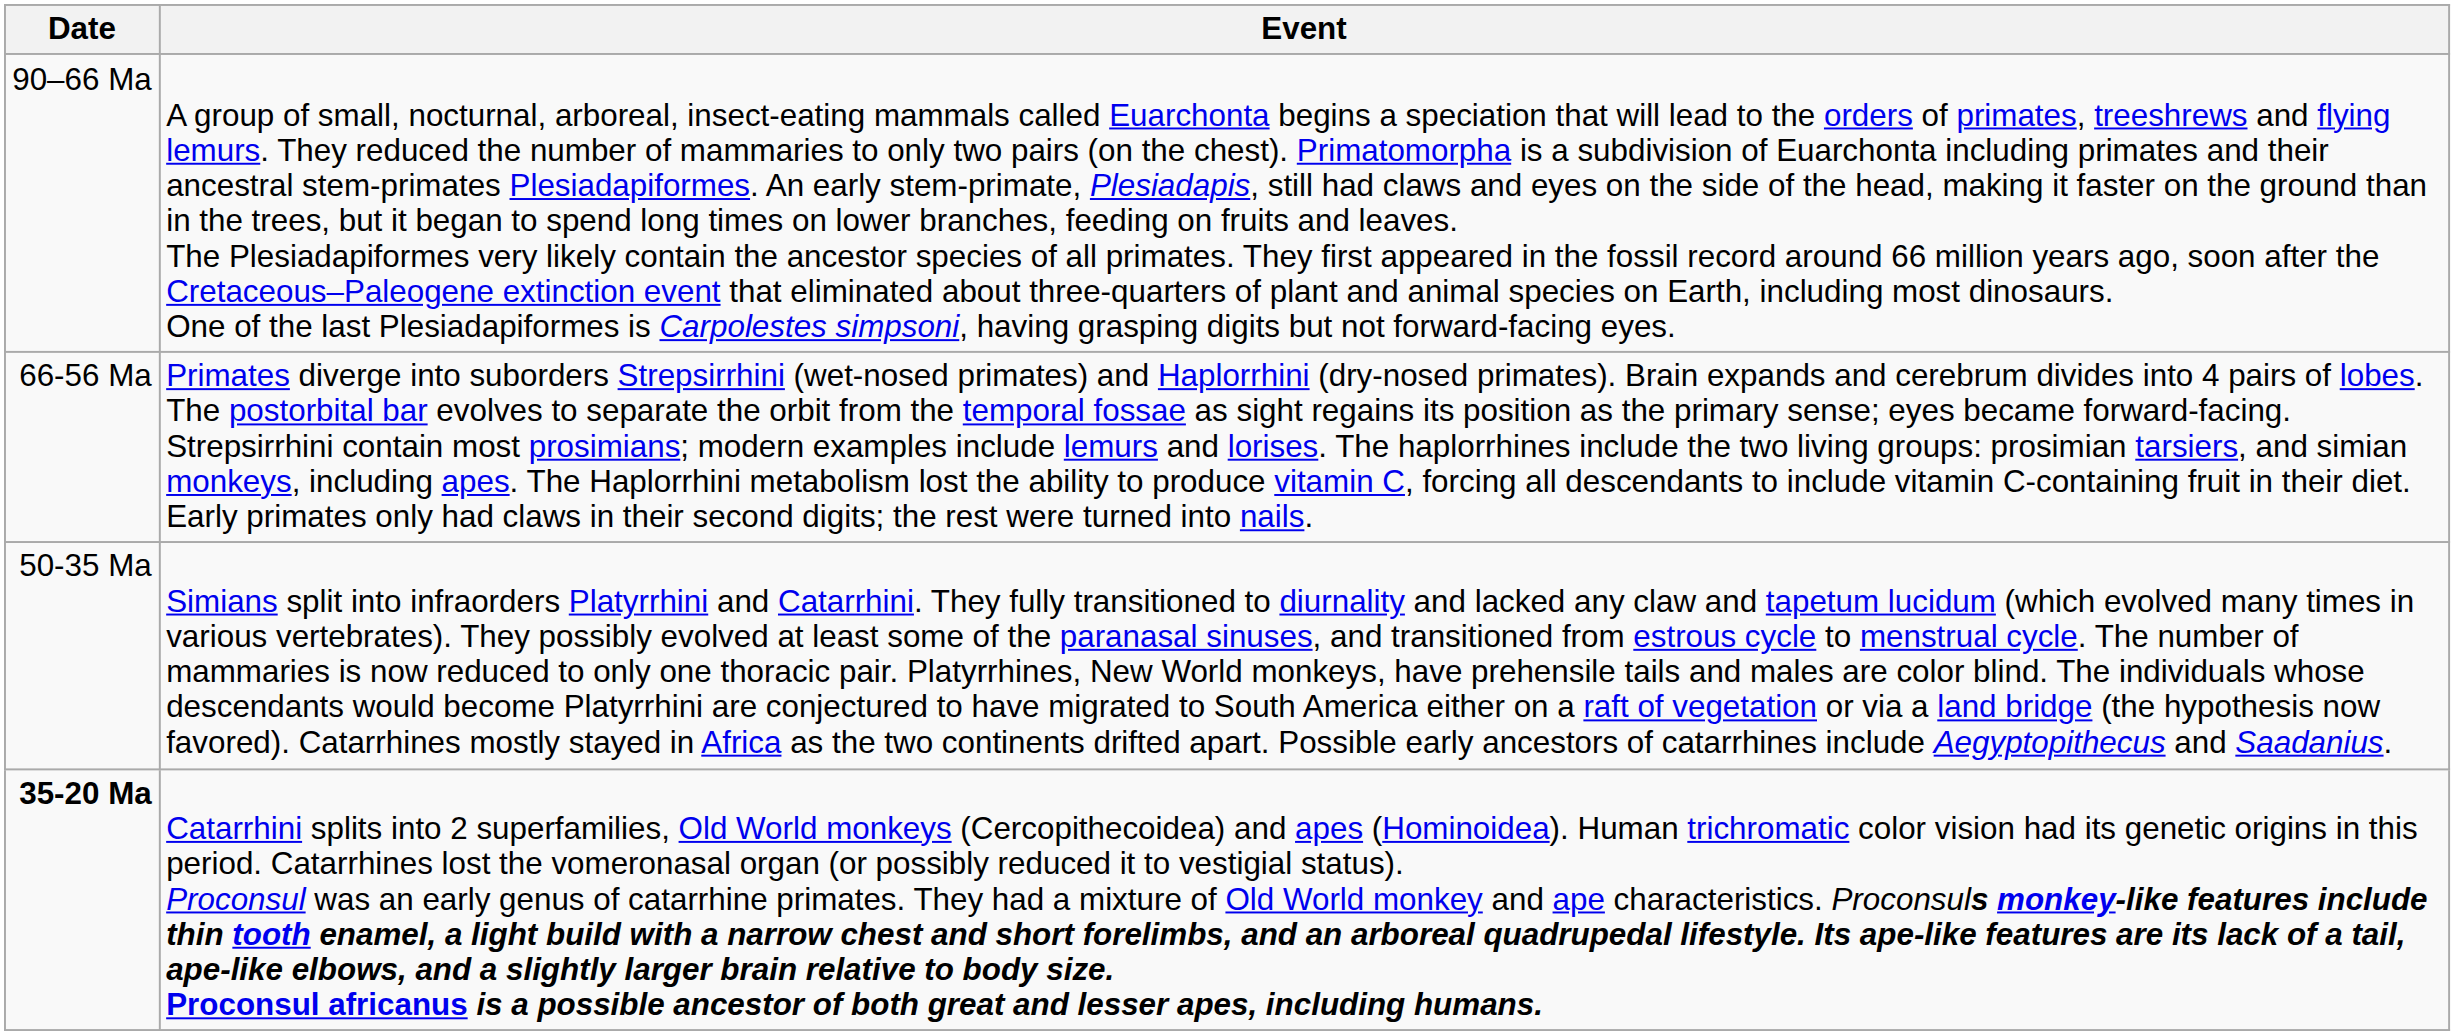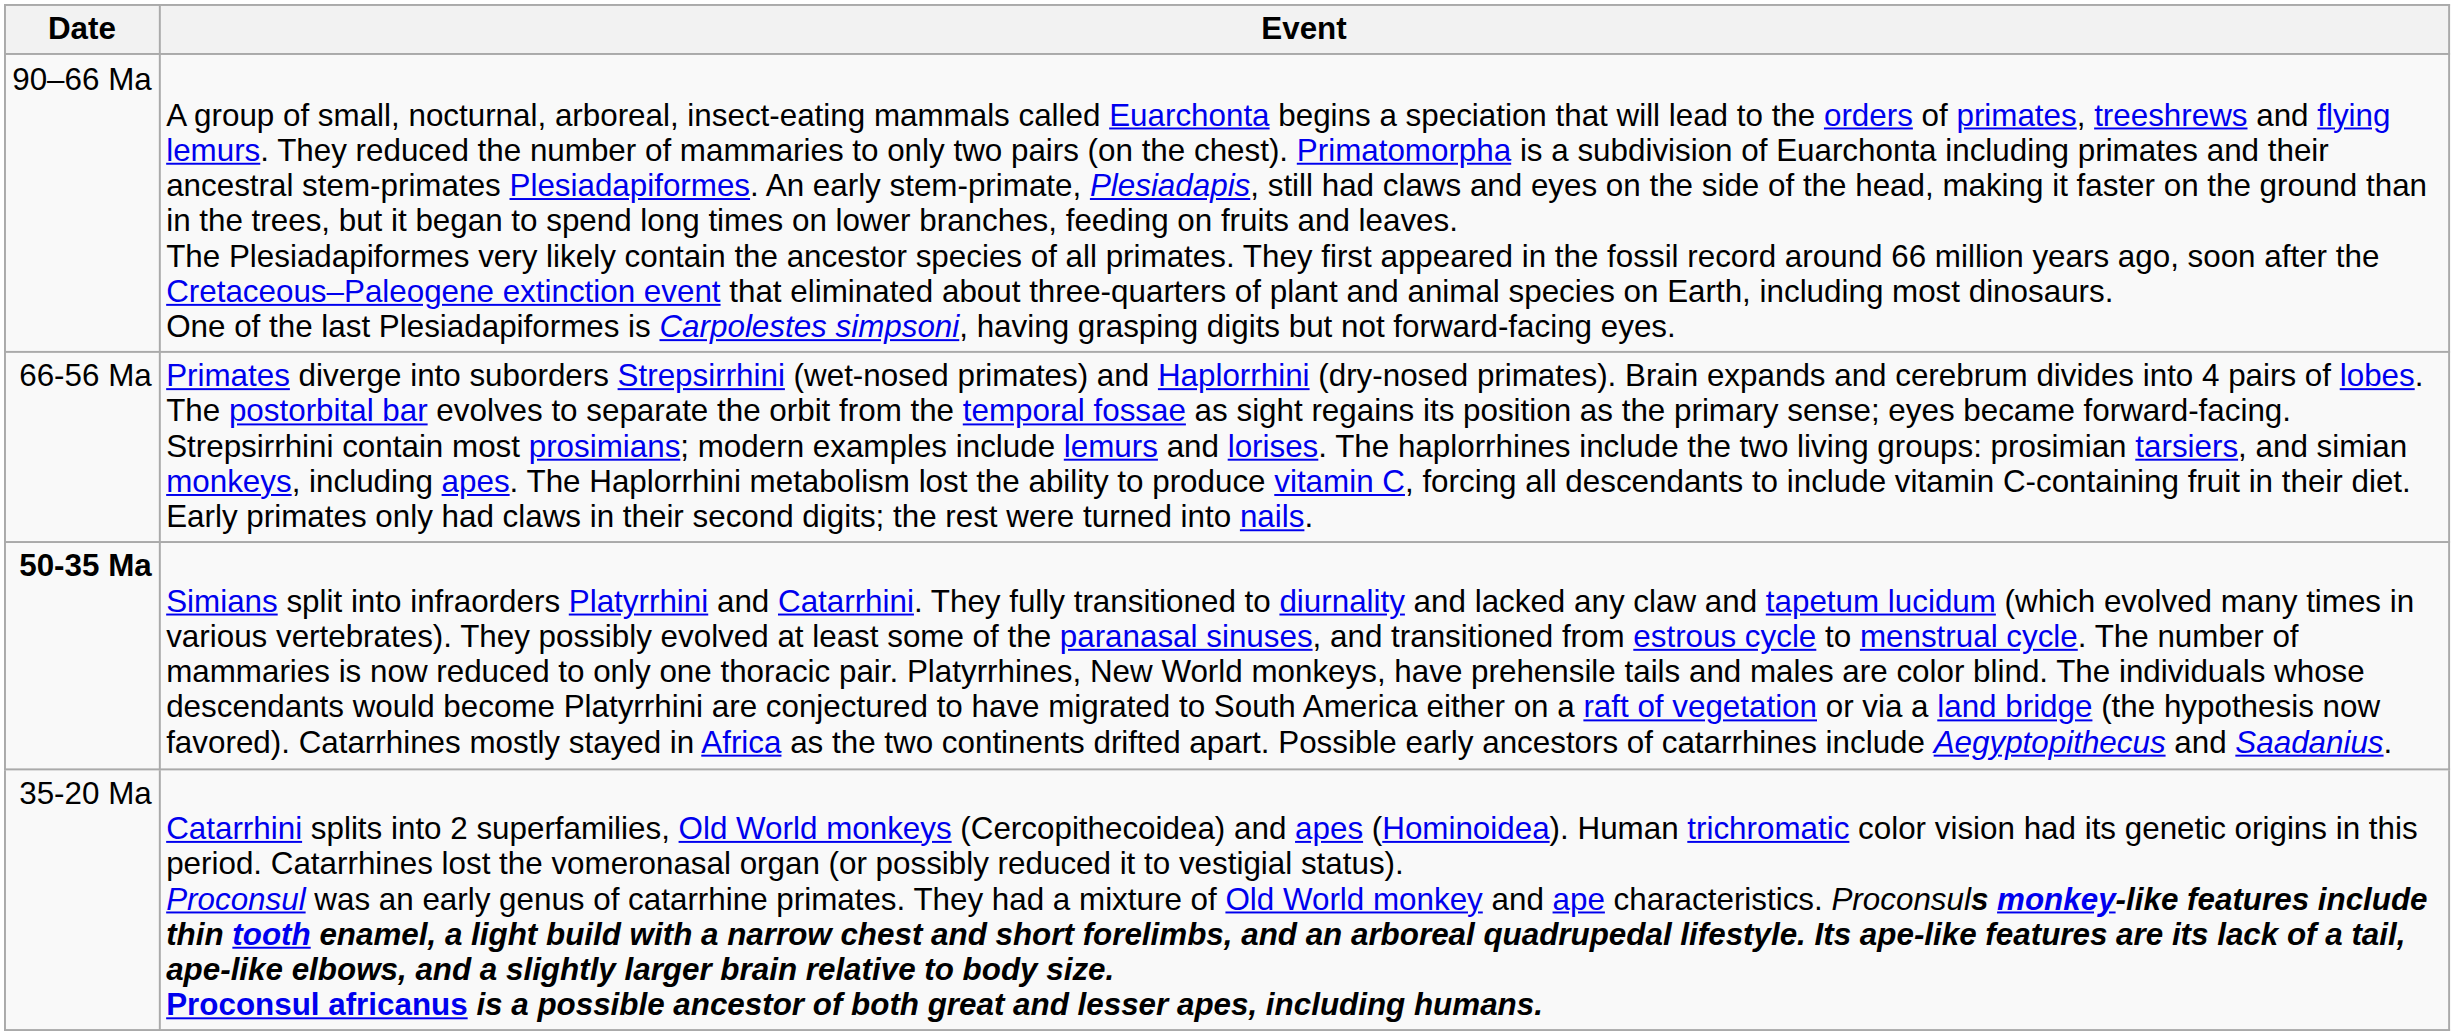 <table class="wikitable">
 <tr>
 <th scope="col">Date</th>
 <th scope="col">Event</th>
 </tr>
 <tr>
 <td style="vertical-align: top; text-align: right; white-space: nowrap;">90–66 Ma</td>
 <td><br> A group of small, nocturnal, arboreal, insect-eating mammals called <a href='#'>Euarchonta</a> begins a speciation that will lead to the <a href='#'>orders</a> of <a href='#'>primates</a>, <a href='#'>treeshrews</a> and <a href='#'>flying lemurs</a>. They reduced the number of mammaries to only two pairs (on the chest). <a href='#'>Primatomorpha</a> is a subdivision of Euarchonta including primates and their ancestral stem-primates <a href='#'>Plesiadapiformes</a>. An early stem-primate, <em><a href='#'>Plesiadapis</a></em>, still had claws and eyes on the side of the head, making it faster on the ground than in the trees, but it began to spend long times on lower branches, feeding on fruits and leaves.<br>The Plesiadapiformes very likely contain the ancestor species of all primates.  They first appeared in the fossil record around 66 million years ago, soon after the <a href='#'>Cretaceous–Paleogene extinction event</a> that eliminated about three-quarters of plant and animal species on Earth, including most dinosaurs.<br>One of the last Plesiadapiformes is <em><a href='#'>Carpolestes simpsoni</a></em>, having grasping digits but not forward-facing eyes.</td>
 </tr>
 <tr>
 <td style="vertical-align: top; text-align: right; white-space: nowrap;">66-56 Ma</td>
 <td><a href='#'>Primates</a> diverge into suborders <a href='#'>Strepsirrhini</a> (wet-nosed primates) and <a href='#'>Haplorrhini</a> (dry-nosed primates). Brain expands and cerebrum divides into 4 pairs of <a href='#'>lobes</a>. The <a href='#'>postorbital bar</a> evolves to separate the orbit from the <a href='#'>temporal fossae</a> as sight regains its position as the primary sense;  eyes became forward-facing. Strepsirrhini contain most <a href='#'>prosimians</a>; modern examples include <a href='#'>lemurs</a> and <a href='#'>lorises</a>. The haplorrhines include the two living groups: prosimian <a href='#'>tarsiers</a>, and simian <a href='#'>monkeys</a>, including <a href='#'>apes</a>. The Haplorrhini metabolism lost the ability to produce <a href='#'>vitamin C</a>, forcing all descendants to include vitamin C-containing fruit in their diet. Early primates only had claws in their second digits; the rest were turned into <a href='#'>nails</a>.</td>
 </tr>
 <tr>
-<td style="vertical-align: top; text-align: right; white-space: nowrap;">50-35 Ma</td>
+<td style="vertical-align: top; text-align: right; white-space: nowrap;"><strong>50-35 Ma</strong></td>
 <td><br><a href='#'>Simians</a> split into infraorders <a href='#'>Platyrrhini</a> and <a href='#'>Catarrhini</a>. They fully transitioned to <a href='#'>diurnality</a> and lacked any claw and <a href='#'>tapetum lucidum</a> (which evolved many times in various vertebrates). They possibly evolved at least some of the <a href='#'>paranasal sinuses</a>, and transitioned from <a href='#'>estrous cycle</a> to <a href='#'>menstrual cycle</a>. The number of mammaries is now reduced to only one thoracic pair. Platyrrhines, New World monkeys, have prehensile tails and males are color blind. The individuals whose descendants would become Platyrrhini are conjectured to have migrated to South America either on a <a href='#'>raft of vegetation</a> or via a <a href='#'>land bridge</a> (the hypothesis now favored). Catarrhines mostly stayed in <a href='#'>Africa</a> as the two continents drifted apart. Possible early ancestors of catarrhines include <em><a href='#'>Aegyptopithecus</a></em> and <em><a href='#'>Saadanius</a></em>.</td>
 </tr>
 <tr>
-<td style="vertical-align: top; text-align: right; white-space: nowrap;"><strong>35-20 Ma</strong></td>
+<td style="vertical-align: top; text-align: right; white-space: nowrap;">35-20 Ma</td>
 <td><br><a href='#'>Catarrhini</a> splits into 2 superfamilies, <a href='#'>Old World monkeys</a> (Cercopithecoidea) and <a href='#'>apes</a> (<a href='#'>Hominoidea</a>). Human <a href='#'>trichromatic</a> color vision had its genetic origins in this period. Catarrhines lost the vomeronasal organ (or possibly reduced it to vestigial status).<br><em><a href='#'>Proconsul</a></em> was an early genus of catarrhine primates. They had a mixture of <a href='#'>Old World monkey</a> and <a href='#'>ape</a> characteristics. <em>Proconsul<strong>s <a href='#'>monkey</a>-like features include thin <a href='#'>tooth</a> enamel, a light build with a narrow chest and short forelimbs, and an arboreal quadrupedal lifestyle. Its ape-like features are its lack of a tail, ape-like elbows, and a slightly larger brain relative to body size.<br></em><a href='#'>Proconsul africanus</a><em> is a possible ancestor of both great and lesser apes, including humans.</td>
 </tr>
 </table>
